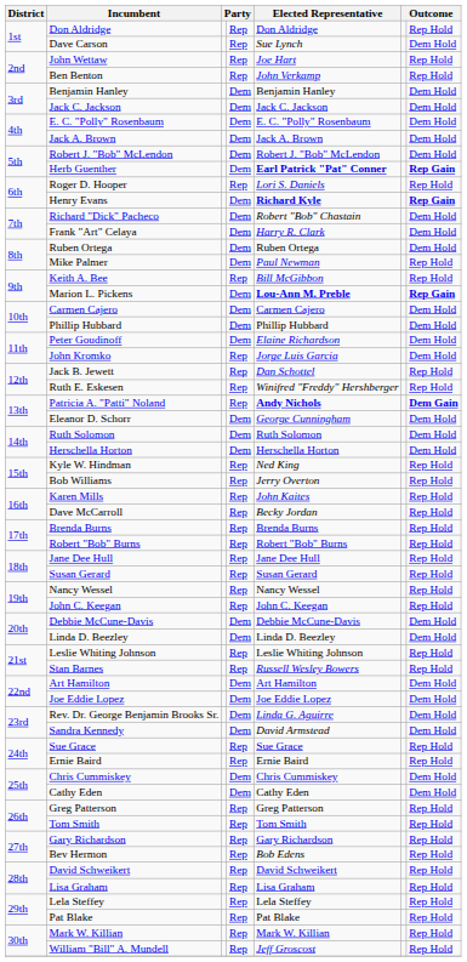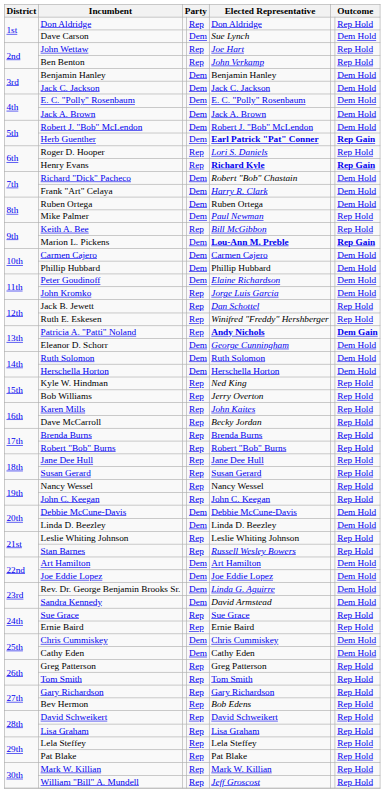 <table class="sortable wikitable" style="font-size:95%;line-height:14px;">
 <tr>
 <th>District</th>
 <th>Incumbent</th>
 <th colspan="2">Party</th>
 <th>Elected Representative</th>
 <th colspan="2">Outcome</th>
 </tr>
 <tr>
 <td rowspan="2"><a href='#'>1st</a></td>
 <td><a href='#'>Don Aldridge</a></td>
 <td style="background:"></td>
 <td><a href='#'>Rep</a></td>
 <td><a href='#'>Don Aldridge</a></td>
 <td style="background:"></td>
 <td><a href='#'>Rep Hold</a></td>
 </tr>
 <tr>
 <td>Dave Carson</td>
 <td style="background:"></td>
-<td><a href='#'>Rep</a></td>
+<td><a href='#'>Dem</a></td>
 <td><em>Sue Lynch</em></td>
 <td style="background:"></td>
 <td><a href='#'>Dem Hold</a></td>
 </tr>
 <tr>
 <td rowspan="2"><a href='#'>2nd</a></td>
 <td><a href='#'>John Wettaw</a></td>
 <td style="background:"></td>
 <td><a href='#'>Rep</a></td>
 <td><em><a href='#'>Joe Hart</a></em></td>
 <td style="background:"></td>
 <td><a href='#'>Rep Hold</a></td>
 </tr>
 <tr>
 <td>Ben Benton</td>
 <td style="background:"></td>
 <td><a href='#'>Rep</a></td>
 <td><em><a href='#'>John Verkamp</a></em></td>
 <td style="background:"></td>
 <td><a href='#'>Rep Hold</a></td>
 </tr>
 <tr>
 <td rowspan="2"><a href='#'>3rd</a></td>
 <td>Benjamin Hanley</td>
 <td style="background:"></td>
 <td><a href='#'>Dem</a></td>
 <td>Benjamin Hanley</td>
 <td style="background:"></td>
 <td><a href='#'>Dem Hold</a></td>
 </tr>
 <tr>
 <td><a href='#'>Jack C. Jackson</a></td>
 <td style="background:"></td>
 <td><a href='#'>Dem</a></td>
 <td><a href='#'>Jack C. Jackson</a></td>
 <td style="background:"></td>
 <td><a href='#'>Dem Hold</a></td>
 </tr>
 <tr>
 <td rowspan="2"><a href='#'>4th</a></td>
 <td><a href='#'>E. C. "Polly" Rosenbaum</a></td>
 <td style="background:"></td>
 <td><a href='#'>Dem</a></td>
 <td><a href='#'>E. C. "Polly" Rosenbaum</a></td>
 <td style="background:"></td>
 <td><a href='#'>Dem Hold</a></td>
 </tr>
 <tr>
 <td><a href='#'>Jack A. Brown</a></td>
 <td style="background:"></td>
 <td><a href='#'>Dem</a></td>
 <td><a href='#'>Jack A. Brown</a></td>
 <td style="background:"></td>
 <td><a href='#'>Dem Hold</a></td>
 </tr>
 <tr>
 <td rowspan="2"><a href='#'>5th</a></td>
 <td><a href='#'>Robert J. "Bob" McLendon</a></td>
 <td style="background:"></td>
 <td><a href='#'>Dem</a></td>
 <td><a href='#'>Robert J. "Bob" McLendon</a></td>
 <td style="background:"></td>
 <td><a href='#'>Dem Hold</a></td>
 </tr>
 <tr>
 <td><a href='#'>Herb Guenther</a></td>
 <td style="background:"></td>
 <td><a href='#'>Dem</a></td>
 <td><strong><a href='#'>Earl Patrick "Pat" Conner</a></strong></td>
 <td style="background:"></td>
 <td><strong><a href='#'>Rep Gain</a></strong></td>
 </tr>
 <tr>
 <td rowspan="2"><a href='#'>6th</a></td>
 <td>Roger D. Hooper</td>
 <td style="background:"></td>
 <td><a href='#'>Rep</a></td>
 <td><em><a href='#'>Lori S. Daniels</a></em></td>
 <td style="background:"></td>
 <td><a href='#'>Rep Hold</a></td>
 </tr>
 <tr>
 <td>Henry Evans</td>
 <td style="background:"></td>
-<td><a href='#'>Dem</a></td>
+<td><a href='#'>Rep</a></td>
 <td><strong><a href='#'>Richard Kyle</a></strong></td>
 <td style="background:"></td>
 <td><strong><a href='#'>Rep Gain</a></strong></td>
 </tr>
 <tr>
 <td rowspan="2"><a href='#'>7th</a></td>
 <td><a href='#'>Richard "Dick" Pacheco</a></td>
 <td style="background:"></td>
 <td><a href='#'>Dem</a></td>
 <td><em>Robert "Bob" Chastain</em></td>
 <td style="background:"></td>
 <td><a href='#'>Dem Hold</a></td>
 </tr>
 <tr>
 <td>Frank "Art" Celaya</td>
 <td style="background:"></td>
 <td><a href='#'>Dem</a></td>
 <td><em><a href='#'>Harry R. Clark</a></em></td>
 <td style="background:"></td>
 <td><a href='#'>Dem Hold</a></td>
 </tr>
 <tr>
 <td rowspan="2"><a href='#'>8th</a></td>
 <td>Ruben Ortega</td>
 <td style="background:"></td>
 <td><a href='#'>Dem</a></td>
 <td>Ruben Ortega</td>
 <td style="background:"></td>
 <td><a href='#'>Dem Hold</a></td>
 </tr>
 <tr>
 <td>Mike Palmer</td>
 <td style="background:"></td>
 <td><a href='#'>Dem</a></td>
 <td><em><a href='#'>Paul Newman</a></em></td>
 <td style="background:"></td>
 <td><a href='#'>Rep Hold</a></td>
 </tr>
 <tr>
 <td rowspan="2"><a href='#'>9th</a></td>
 <td><a href='#'>Keith A. Bee</a></td>
 <td style="background:"></td>
 <td><a href='#'>Rep</a></td>
 <td><em><a href='#'>Bill McGibbon</a></em></td>
 <td style="background:"></td>
 <td><a href='#'>Rep Hold</a></td>
 </tr>
 <tr>
 <td>Marion L. Pickens</td>
 <td style="background:"></td>
 <td><a href='#'>Dem</a></td>
 <td><strong><a href='#'>Lou-Ann M. Preble</a></strong></td>
 <td style="background:"></td>
 <td><strong><a href='#'>Rep Gain</a></strong></td>
 </tr>
 <tr>
 <td rowspan="2"><a href='#'>10th</a></td>
 <td><a href='#'>Carmen Cajero</a></td>
 <td style="background:"></td>
 <td><a href='#'>Dem</a></td>
 <td><a href='#'>Carmen Cajero</a></td>
 <td style="background:"></td>
 <td><a href='#'>Dem Hold</a></td>
 </tr>
 <tr>
 <td>Phillip Hubbard</td>
 <td style="background:"></td>
 <td><a href='#'>Dem</a></td>
 <td>Phillip Hubbard</td>
 <td style="background:"></td>
 <td><a href='#'>Dem Hold</a></td>
 </tr>
 <tr>
 <td rowspan="2"><a href='#'>11th</a></td>
 <td><a href='#'>Peter Goudinoff</a></td>
 <td style="background:"></td>
 <td><a href='#'>Dem</a></td>
 <td><em><a href='#'>Elaine Richardson</a></em></td>
 <td style="background:"></td>
 <td><a href='#'>Dem Hold</a></td>
 </tr>
 <tr>
 <td><a href='#'>John Kromko</a></td>
 <td style="background:"></td>
 <td><a href='#'>Rep</a></td>
 <td><em><a href='#'>Jorge Luis Garcia</a></em></td>
 <td style="background:"></td>
 <td><a href='#'>Dem Hold</a></td>
 </tr>
 <tr>
 <td rowspan="2"><a href='#'>12th</a></td>
 <td>Jack B. Jewett</td>
 <td style="background:"></td>
 <td><a href='#'>Rep</a></td>
 <td><em><a href='#'>Dan Schottel</a></em></td>
 <td style="background:"></td>
 <td><a href='#'>Rep Hold</a></td>
 </tr>
 <tr>
 <td>Ruth E. Eskesen</td>
 <td style="background:"></td>
 <td><a href='#'>Rep</a></td>
 <td><em>Winifred "Freddy" Hershberger</em></td>
 <td style="background:"></td>
 <td><a href='#'>Rep Hold</a></td>
 </tr>
 <tr>
 <td rowspan="2"><a href='#'>13th</a></td>
 <td><a href='#'>Patricia A. "Patti" Noland</a></td>
 <td style="background:"></td>
 <td><a href='#'>Rep</a></td>
 <td><strong><a href='#'>Andy Nichols</a></strong></td>
 <td style="background:"></td>
 <td><strong><a href='#'>Dem Gain</a></strong></td>
 </tr>
 <tr>
 <td>Eleanor D. Schorr</td>
 <td style="background:"></td>
 <td><a href='#'>Dem</a></td>
 <td><em><a href='#'>George Cunningham</a></em></td>
 <td style="background:"></td>
 <td><a href='#'>Dem Hold</a></td>
 </tr>
 <tr>
 <td rowspan="2"><a href='#'>14th</a></td>
 <td><a href='#'>Ruth Solomon</a></td>
 <td style="background:"></td>
 <td><a href='#'>Dem</a></td>
 <td><a href='#'>Ruth Solomon</a></td>
 <td style="background:"></td>
 <td><a href='#'>Dem Hold</a></td>
 </tr>
 <tr>
 <td><a href='#'>Herschella Horton</a></td>
 <td style="background:"></td>
 <td><a href='#'>Dem</a></td>
 <td><a href='#'>Herschella Horton</a></td>
 <td style="background:"></td>
 <td><a href='#'>Dem Hold</a></td>
 </tr>
 <tr>
 <td rowspan="2"><a href='#'>15th</a></td>
 <td>Kyle W. Hindman</td>
 <td style="background:"></td>
 <td><a href='#'>Rep</a></td>
 <td><em>Ned King</em></td>
 <td style="background:"></td>
 <td><a href='#'>Rep Hold</a></td>
 </tr>
 <tr>
 <td>Bob Williams</td>
 <td style="background:"></td>
 <td><a href='#'>Rep</a></td>
 <td><em>Jerry Overton</em></td>
 <td style="background:"></td>
 <td><a href='#'>Rep Hold</a></td>
 </tr>
 <tr>
 <td rowspan="2"><a href='#'>16th</a></td>
 <td><a href='#'>Karen Mills</a></td>
 <td style="background:"></td>
 <td><a href='#'>Rep</a></td>
 <td><em><a href='#'>John Kaites</a></em></td>
 <td style="background:"></td>
 <td><a href='#'>Rep Hold</a></td>
 </tr>
 <tr>
 <td>Dave McCarroll</td>
 <td style="background:"></td>
 <td><a href='#'>Rep</a></td>
 <td><em>Becky Jordan</em></td>
 <td style="background:"></td>
 <td><a href='#'>Rep Hold</a></td>
 </tr>
 <tr>
 <td rowspan="2"><a href='#'>17th</a></td>
 <td><a href='#'>Brenda Burns</a></td>
 <td style="background:"></td>
 <td><a href='#'>Rep</a></td>
 <td><a href='#'>Brenda Burns</a></td>
 <td style="background:"></td>
 <td><a href='#'>Rep Hold</a></td>
 </tr>
 <tr>
 <td><a href='#'>Robert "Bob" Burns</a></td>
 <td style="background:"></td>
 <td><a href='#'>Rep</a></td>
 <td><a href='#'>Robert "Bob" Burns</a></td>
 <td style="background:"></td>
 <td><a href='#'>Rep Hold</a></td>
 </tr>
 <tr>
 <td rowspan="2"><a href='#'>18th</a></td>
 <td><a href='#'>Jane Dee Hull</a></td>
 <td style="background:"></td>
 <td><a href='#'>Rep</a></td>
 <td><a href='#'>Jane Dee Hull</a></td>
 <td style="background:"></td>
 <td><a href='#'>Rep Hold</a></td>
 </tr>
 <tr>
 <td><a href='#'>Susan Gerard</a></td>
 <td style="background:"></td>
 <td><a href='#'>Rep</a></td>
 <td><a href='#'>Susan Gerard</a></td>
 <td style="background:"></td>
 <td><a href='#'>Rep Hold</a></td>
 </tr>
 <tr>
 <td rowspan="2"><a href='#'>19th</a></td>
 <td>Nancy Wessel</td>
 <td style="background:"></td>
 <td><a href='#'>Rep</a></td>
 <td>Nancy Wessel</td>
 <td style="background:"></td>
 <td><a href='#'>Rep Hold</a></td>
 </tr>
 <tr>
 <td><a href='#'>John C. Keegan</a></td>
 <td style="background:"></td>
 <td><a href='#'>Rep</a></td>
 <td><a href='#'>John C. Keegan</a></td>
 <td style="background:"></td>
 <td><a href='#'>Rep Hold</a></td>
 </tr>
 <tr>
 <td rowspan="2"><a href='#'>20th</a></td>
 <td><a href='#'>Debbie McCune-Davis</a></td>
 <td style="background:"></td>
 <td><a href='#'>Dem</a></td>
 <td><a href='#'>Debbie McCune-Davis</a></td>
 <td style="background:"></td>
 <td><a href='#'>Dem Hold</a></td>
 </tr>
 <tr>
 <td>Linda D. Beezley</td>
 <td style="background:"></td>
 <td><a href='#'>Dem</a></td>
 <td>Linda D. Beezley</td>
 <td style="background:"></td>
 <td><a href='#'>Dem Hold</a></td>
 </tr>
 <tr>
 <td rowspan="2"><a href='#'>21st</a></td>
 <td>Leslie Whiting Johnson</td>
 <td style="background:"></td>
 <td><a href='#'>Rep</a></td>
 <td>Leslie Whiting Johnson</td>
 <td style="background:"></td>
 <td><a href='#'>Rep Hold</a></td>
 </tr>
 <tr>
 <td><a href='#'>Stan Barnes</a></td>
 <td style="background:"></td>
 <td><a href='#'>Rep</a></td>
 <td><em><a href='#'>Russell Wesley Bowers</a></em></td>
 <td style="background:"></td>
 <td><a href='#'>Rep Hold</a></td>
 </tr>
 <tr>
 <td rowspan="2"><a href='#'>22nd</a></td>
 <td><a href='#'>Art Hamilton</a></td>
 <td style="background:"></td>
 <td><a href='#'>Dem</a></td>
 <td><a href='#'>Art Hamilton</a></td>
 <td style="background:"></td>
 <td><a href='#'>Dem Hold</a></td>
 </tr>
 <tr>
 <td><a href='#'>Joe Eddie Lopez</a></td>
 <td style="background:"></td>
 <td><a href='#'>Dem</a></td>
 <td><a href='#'>Joe Eddie Lopez</a></td>
 <td style="background:"></td>
 <td><a href='#'>Dem Hold</a></td>
 </tr>
 <tr>
 <td rowspan="2"><a href='#'>23rd</a></td>
 <td>Rev. Dr. George Benjamin Brooks Sr.</td>
 <td style="background:"></td>
 <td><a href='#'>Dem</a></td>
 <td><em><a href='#'>Linda G. Aguirre</a></em></td>
 <td style="background:"></td>
 <td><a href='#'>Dem Hold</a></td>
 </tr>
 <tr>
 <td><a href='#'>Sandra Kennedy</a></td>
 <td style="background:"></td>
 <td><a href='#'>Dem</a></td>
 <td><em>David Armstead</em></td>
 <td style="background:"></td>
 <td><a href='#'>Dem Hold</a></td>
 </tr>
 <tr>
 <td rowspan="2"><a href='#'>24th</a></td>
 <td><a href='#'>Sue Grace</a></td>
 <td style="background:"></td>
 <td><a href='#'>Rep</a></td>
 <td><a href='#'>Sue Grace</a></td>
 <td style="background:"></td>
 <td><a href='#'>Rep Hold</a></td>
 </tr>
 <tr>
 <td>Ernie Baird</td>
 <td style="background:"></td>
 <td><a href='#'>Rep</a></td>
 <td>Ernie Baird</td>
 <td style="background:"></td>
 <td><a href='#'>Rep Hold</a></td>
 </tr>
 <tr>
 <td rowspan="2"><a href='#'>25th</a></td>
 <td><a href='#'>Chris Cummiskey</a></td>
 <td style="background:"></td>
 <td><a href='#'>Dem</a></td>
 <td><a href='#'>Chris Cummiskey</a></td>
 <td style="background:"></td>
 <td><a href='#'>Dem Hold</a></td>
 </tr>
 <tr>
 <td>Cathy Eden</td>
 <td style="background:"></td>
 <td><a href='#'>Dem</a></td>
 <td>Cathy Eden</td>
 <td style="background:"></td>
 <td><a href='#'>Dem Hold</a></td>
 </tr>
 <tr>
 <td rowspan="2"><a href='#'>26th</a></td>
 <td>Greg Patterson</td>
 <td style="background:"></td>
 <td><a href='#'>Rep</a></td>
 <td>Greg Patterson</td>
 <td style="background:"></td>
 <td><a href='#'>Rep Hold</a></td>
 </tr>
 <tr>
 <td><a href='#'>Tom Smith</a></td>
 <td style="background:"></td>
 <td><a href='#'>Rep</a></td>
 <td><a href='#'>Tom Smith</a></td>
 <td style="background:"></td>
 <td><a href='#'>Rep Hold</a></td>
 </tr>
 <tr>
 <td rowspan="2"><a href='#'>27th</a></td>
 <td><a href='#'>Gary Richardson</a></td>
 <td style="background:"></td>
 <td><a href='#'>Rep</a></td>
 <td><a href='#'>Gary Richardson</a></td>
 <td style="background:"></td>
 <td><a href='#'>Rep Hold</a></td>
 </tr>
 <tr>
 <td>Bev Hermon</td>
 <td style="background:"></td>
 <td><a href='#'>Rep</a></td>
 <td><em>Bob Edens</em></td>
 <td style="background:"></td>
 <td><a href='#'>Rep Hold</a></td>
 </tr>
 <tr>
 <td rowspan="2"><a href='#'>28th</a></td>
 <td><a href='#'>David Schweikert</a></td>
 <td style="background:"></td>
 <td><a href='#'>Rep</a></td>
 <td><a href='#'>David Schweikert</a></td>
 <td style="background:"></td>
 <td><a href='#'>Rep Hold</a></td>
 </tr>
 <tr>
 <td><a href='#'>Lisa Graham</a></td>
 <td style="background:"></td>
 <td><a href='#'>Rep</a></td>
 <td><a href='#'>Lisa Graham</a></td>
 <td style="background:"></td>
 <td><a href='#'>Rep Hold</a></td>
 </tr>
 <tr>
 <td rowspan="2"><a href='#'>29th</a></td>
 <td>Lela Steffey</td>
 <td style="background:"></td>
 <td><a href='#'>Rep</a></td>
 <td>Lela Steffey</td>
 <td style="background:"></td>
 <td><a href='#'>Rep Hold</a></td>
 </tr>
 <tr>
 <td>Pat Blake</td>
 <td style="background:"></td>
 <td><a href='#'>Rep</a></td>
 <td>Pat Blake</td>
 <td style="background:"></td>
 <td><a href='#'>Rep Hold</a></td>
 </tr>
 <tr>
 <td rowspan="2"><a href='#'>30th</a></td>
 <td><a href='#'>Mark W. Killian</a></td>
 <td style="background:"></td>
 <td><a href='#'>Rep</a></td>
 <td><a href='#'>Mark W. Killian</a></td>
 <td style="background:"></td>
 <td><a href='#'>Rep Hold</a></td>
 </tr>
 <tr>
 <td><a href='#'>William "Bill" A. Mundell</a></td>
 <td style="background:"></td>
 <td><a href='#'>Rep</a></td>
 <td><em><a href='#'>Jeff Groscost</a></em></td>
 <td style="background:"></td>
 <td><a href='#'>Rep Hold</a></td>
 </tr>
 <tr>
 </tr>
 </table>
